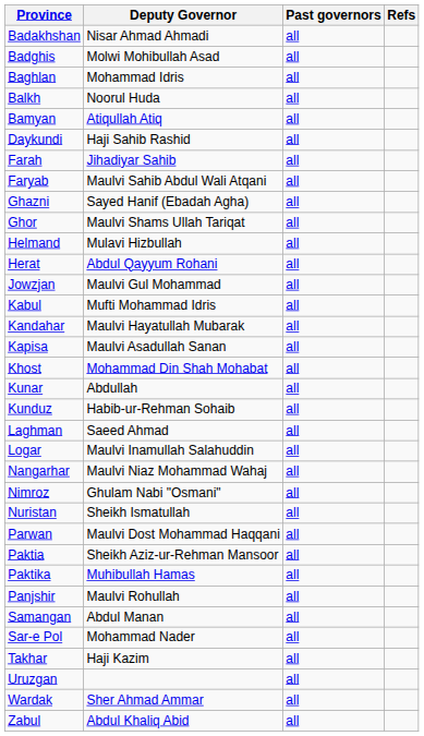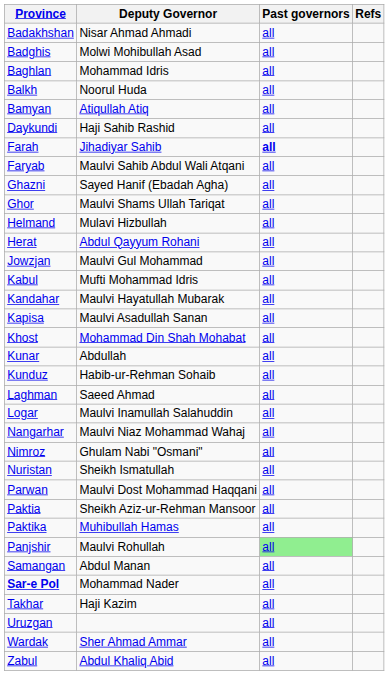 <table class="wikitable">
 <tr>
 <th><a href='#'>Province</a></th>
 <th>Deputy Governor</th>
 <th>Past governors</th>
 <th>Refs</th>
 </tr>
 <tr>
 <td><a href='#'>Badakhshan</a></td>
 <td>Nisar Ahmad Ahmadi</td>
 <td><a href='#'>all</a></td>
 <td></td>
 </tr>
 <tr>
 <td><a href='#'>Badghis</a></td>
 <td>Molwi Mohibullah Asad</td>
 <td><a href='#'>all</a></td>
 <td></td>
 </tr>
 <tr>
 <td><a href='#'>Baghlan</a></td>
 <td>Mohammad Idris</td>
 <td><a href='#'>all</a></td>
 <td></td>
 </tr>
 <tr>
 <td><a href='#'>Balkh</a></td>
 <td>Noorul Huda</td>
 <td><a href='#'>all</a></td>
 <td></td>
 </tr>
 <tr>
 <td><a href='#'>Bamyan</a></td>
 <td><a href='#'>Atiqullah Atiq</a></td>
 <td><a href='#'>all</a></td>
 <td></td>
 </tr>
 <tr>
 <td><a href='#'>Daykundi</a></td>
 <td>Haji Sahib Rashid</td>
 <td><a href='#'>all</a></td>
 <td></td>
 </tr>
 <tr>
 <td><a href='#'>Farah</a></td>
 <td><a href='#'>Jihadiyar Sahib</a></td>
-<td><a href='#'>all</a></td>
+<td><strong><a href='#'>all</a></strong></td>
 <td></td>
 </tr>
 <tr>
 <td><a href='#'>Faryab</a></td>
 <td>Maulvi Sahib Abdul Wali Atqani</td>
 <td><a href='#'>all</a></td>
 <td></td>
 </tr>
 <tr>
 <td><a href='#'>Ghazni</a></td>
 <td>Sayed Hanif (Ebadah Agha)</td>
 <td><a href='#'>all</a></td>
 <td></td>
 </tr>
 <tr>
 <td><a href='#'>Ghor</a></td>
 <td>Maulvi Shams Ullah Tariqat</td>
 <td><a href='#'>all</a></td>
 <td></td>
 </tr>
 <tr>
 <td><a href='#'>Helmand</a></td>
 <td>Mulavi Hizbullah</td>
 <td><a href='#'>all</a></td>
 <td></td>
 </tr>
 <tr>
 <td><a href='#'>Herat</a></td>
 <td><a href='#'>Abdul Qayyum Rohani</a></td>
 <td><a href='#'>all</a></td>
 <td></td>
 </tr>
 <tr>
 <td><a href='#'>Jowzjan</a></td>
 <td>Maulvi Gul Mohammad</td>
 <td><a href='#'>all</a></td>
 <td></td>
 </tr>
 <tr>
 <td><a href='#'>Kabul</a></td>
 <td>Mufti Mohammad Idris</td>
 <td><a href='#'>all</a></td>
 <td></td>
 </tr>
 <tr>
 <td><a href='#'>Kandahar</a></td>
 <td>Maulvi Hayatullah Mubarak</td>
 <td><a href='#'>all</a></td>
 <td></td>
 </tr>
 <tr>
 <td><a href='#'>Kapisa</a></td>
 <td>Maulvi Asadullah Sanan</td>
 <td><a href='#'>all</a></td>
 <td></td>
 </tr>
 <tr>
 <td><a href='#'>Khost</a></td>
 <td><a href='#'>Mohammad Din Shah Mohabat</a></td>
 <td><a href='#'>all</a></td>
 <td></td>
 </tr>
 <tr>
 <td><a href='#'>Kunar</a></td>
 <td>Abdullah</td>
 <td><a href='#'>all</a></td>
 <td></td>
 </tr>
 <tr>
 <td><a href='#'>Kunduz</a></td>
 <td>Habib-ur-Rehman Sohaib</td>
 <td><a href='#'>all</a></td>
 <td></td>
 </tr>
 <tr>
 <td><a href='#'>Laghman</a></td>
 <td>Saeed Ahmad</td>
 <td><a href='#'>all</a></td>
 <td></td>
 </tr>
 <tr>
 <td><a href='#'>Logar</a></td>
 <td>Maulvi Inamullah Salahuddin</td>
 <td><a href='#'>all</a></td>
 <td></td>
 </tr>
 <tr>
 <td><a href='#'>Nangarhar</a></td>
 <td>Maulvi Niaz Mohammad Wahaj</td>
 <td><a href='#'>all</a></td>
 <td></td>
 </tr>
 <tr>
 <td><a href='#'>Nimroz</a></td>
 <td>Ghulam Nabi "Osmani"</td>
 <td><a href='#'>all</a></td>
 <td></td>
 </tr>
 <tr>
 <td><a href='#'>Nuristan</a></td>
 <td>Sheikh Ismatullah</td>
 <td><a href='#'>all</a></td>
 <td></td>
 </tr>
 <tr>
 <td><a href='#'>Parwan</a></td>
 <td>Maulvi Dost Mohammad Haqqani</td>
 <td><a href='#'>all</a></td>
 <td></td>
 </tr>
 <tr>
 <td><a href='#'>Paktia</a></td>
 <td>Sheikh Aziz-ur-Rehman Mansoor</td>
 <td><a href='#'>all</a></td>
 <td></td>
 </tr>
 <tr>
 <td><a href='#'>Paktika</a></td>
 <td><a href='#'>Muhibullah Hamas</a></td>
 <td><a href='#'>all</a></td>
 <td></td>
 </tr>
 <tr>
 <td><a href='#'>Panjshir</a></td>
 <td>Maulvi Rohullah</td>
-<td><a href='#'>all</a></td>
+<td style="background: lightgreen;"><a href='#'>all</a></td>
 <td></td>
 </tr>
 <tr>
 <td><a href='#'>Samangan</a></td>
 <td>Abdul Manan</td>
 <td><a href='#'>all</a></td>
 <td></td>
 </tr>
 <tr>
-<td><a href='#'>Sar-e Pol</a></td>
+<td><strong><a href='#'>Sar-e Pol</a></strong></td>
 <td>Mohammad Nader</td>
 <td><a href='#'>all</a></td>
 <td></td>
 </tr>
 <tr>
 <td><a href='#'>Takhar</a></td>
 <td>Haji Kazim</td>
 <td><a href='#'>all</a></td>
 <td></td>
 </tr>
 <tr>
 <td><a href='#'>Uruzgan</a></td>
 <td></td>
 <td><a href='#'>all</a></td>
 <td></td>
 </tr>
 <tr>
 <td><a href='#'>Wardak</a></td>
 <td><a href='#'>Sher Ahmad Ammar</a></td>
 <td><a href='#'>all</a></td>
 <td></td>
 </tr>
 <tr>
 <td><a href='#'>Zabul</a></td>
 <td><a href='#'>Abdul Khaliq Abid</a></td>
 <td><a href='#'>all</a></td>
 <td></td>
 </tr>
 </table>
